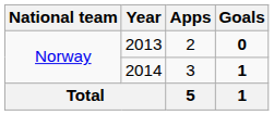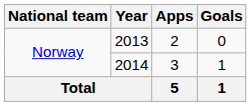 <table class="wikitable" style="text-align:center">
 <tr>
 <th>National team</th>
 <th>Year</th>
 <th>Apps</th>
 <th>Goals</th>
 </tr>
 <tr>
 <td rowspan="2"><a href='#'>Norway</a></td>
 <td>2013</td>
 <td>2</td>
-<td><strong>0</strong></td>
+<td>0</td>
 </tr>
 <tr>
 <td>2014</td>
 <td>3</td>
-<td><strong>1</strong></td>
+<td>1</td>
 </tr>
 <tr>
 <th colspan="2">Total</th>
 <th>5</th>
 <th>1</th>
 </tr>
 </table>
